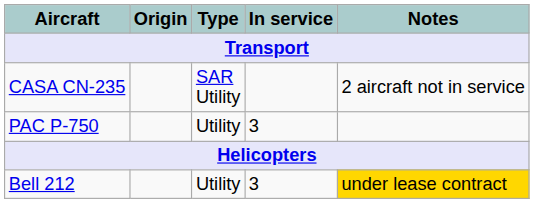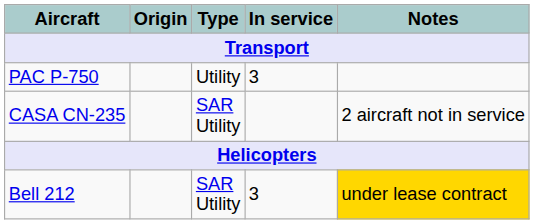 <table class="wikitable">
 <tr>
 <th style="text-align:center; background:#acc;">Aircraft</th>
 <th style="text-align: center; background:#acc;">Origin</th>
 <th style="text-align:l center; background:#acc;">Type</th>
 <th style="text-align:center; background:#acc;">In service</th>
 <th style="text-align: center; background:#acc;">Notes</th>
 </tr>
 <tr>
 <th colspan="5" style="align: center; background: lavender;"><a href='#'>Transport</a></th>
 </tr>
 <tr>
+<td><a href='#'>PAC P-750</a></td>
+<td></td>
+<td>Utility</td>
+<td>3</td>
+<td></td>
+</tr>
+<tr>
 <td><a href='#'>CASA CN-235</a></td>
 <td><br></td>
 <td><a href='#'>SAR</a><br>Utility</td>
 <td></td>
 <td>2 aircraft not in service</td>
 </tr>
 <tr>
-<td><a href='#'>PAC P-750</a></td>
-<td></td>
-<td>Utility</td>
-<td>3</td>
-<td></td>
-</tr>
-<tr>
 <th colspan="5" style="align: center; background: lavender;"><a href='#'>Helicopters</a></th>
 </tr>
 <tr>
 <td><a href='#'>Bell 212</a></td>
 <td></td>
-<td>Utility</td>
+<td><a href='#'>SAR</a><br>Utility</td>
 <td>3</td>
 <td style="background: gold;">under lease contract</td>
 </tr>
 </table>
